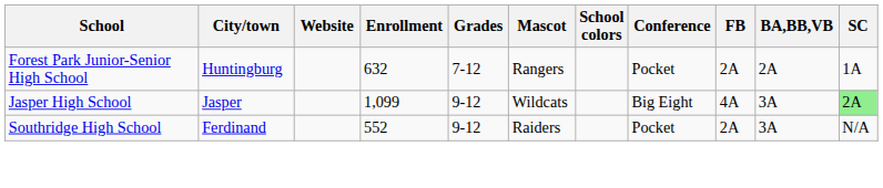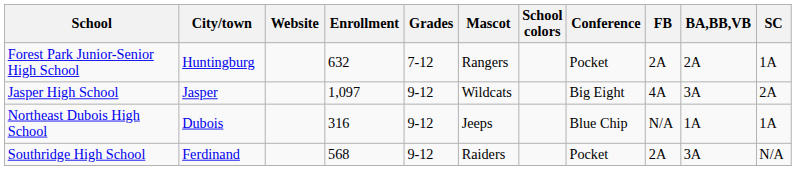 <table class="wikitable sortable" width="70%">
 <tr>
 <th width="20%">School</th>
 <th width="08%">City/town</th>
 <th width="06%">Website</th>
 <th width="04%">Enrollment</th>
 <th width="04%">Grades</th>
 <th width="04%">Mascot</th>
 <th width=01%>School colors</th>
 <th width="04%">Conference</th>
 <th width="04%">FB</th>
 <th width="04%">BA,BB,VB</th>
 <th width="04%">SC</th>
 </tr>
 <tr>
 <td><a href='#'>Forest Park Junior-Senior High School</a></td>
 <td><a href='#'>Huntingburg</a></td>
 <td></td>
 <td>632</td>
 <td>7-12</td>
 <td>Rangers</td>
 <td>  </td>
 <td>Pocket</td>
 <td>2A</td>
 <td>2A</td>
 <td>1A</td>
 </tr>
 <tr>
 <td><a href='#'>Jasper High School</a></td>
 <td><a href='#'>Jasper</a></td>
 <td></td>
-<td>1,099</td>
+<td>1,097</td>
 <td>9-12</td>
 <td>Wildcats</td>
 <td> </td>
 <td>Big Eight</td>
 <td>4A</td>
 <td>3A</td>
-<td style="background: lightgreen;">2A</td>
+<td>2A</td>
+</tr>
+<tr>
+<td><a href='#'>Northeast Dubois High School</a></td>
+<td><a href='#'>Dubois</a></td>
+<td></td>
+<td>316</td>
+<td>9-12</td>
+<td>Jeeps</td>
+<td> </td>
+<td>Blue Chip</td>
+<td>N/A</td>
+<td>1A</td>
+<td>1A</td>
 </tr>
 <tr>
 <td><a href='#'>Southridge High School</a></td>
 <td><a href='#'>Ferdinand</a></td>
 <td></td>
-<td>552</td>
+<td>568</td>
 <td>9-12</td>
 <td>Raiders</td>
 <td>  </td>
 <td>Pocket</td>
 <td>2A</td>
 <td>3A</td>
 <td>N/A</td>
 </tr>
 </table>
